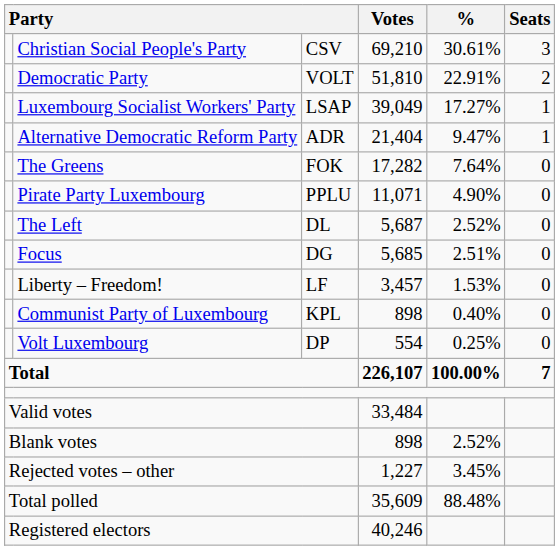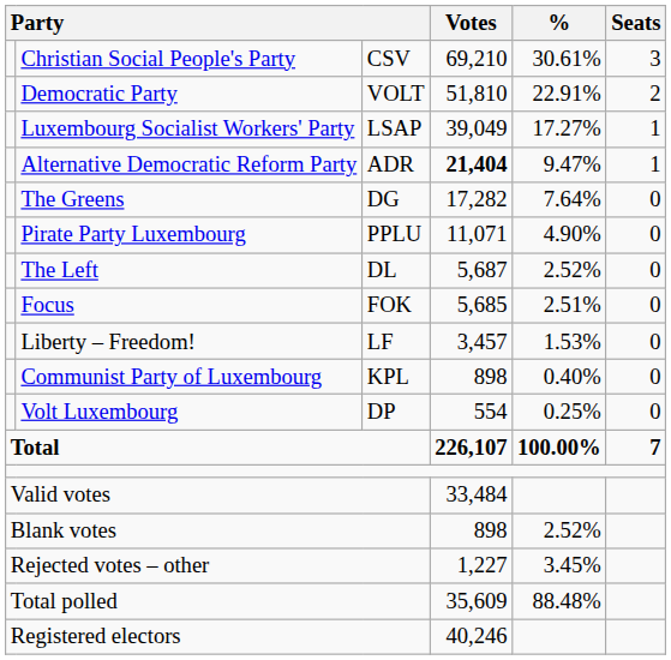 <table class="wikitable" border="1" style="text-align:right;">
 <tr>
 <th style="text-align:left;" valign=bottom colspan=3>Party</th>
 <th align=center valign=bottom width="50">Votes</th>
 <th align=center valign=bottom width="50">%</th>
 <th align=center>Seats</th>
 </tr>
 <tr>
 <td></td>
 <td align=left><a href='#'>Christian Social People's Party</a></td>
 <td align=left>CSV</td>
 <td>69,210</td>
 <td>30.61%</td>
 <td>3</td>
 </tr>
 <tr>
 <td></td>
 <td align=left><a href='#'>Democratic Party</a></td>
 <td align=left>VOLT</td>
 <td>51,810</td>
 <td>22.91%</td>
 <td>2</td>
 </tr>
 <tr>
 <td></td>
 <td align=left><a href='#'>Luxembourg Socialist Workers' Party</a></td>
 <td align=left>LSAP</td>
 <td>39,049</td>
 <td>17.27%</td>
 <td>1</td>
 </tr>
 <tr>
 <td></td>
 <td align=left><a href='#'>Alternative Democratic Reform Party</a></td>
 <td align=left>ADR</td>
-<td>21,404</td>
+<td><strong>21,404</strong></td>
 <td>9.47%</td>
 <td>1</td>
 </tr>
 <tr>
 <td></td>
 <td align=left><a href='#'>The Greens</a></td>
-<td align=left>FOK</td>
+<td align=left>DG</td>
 <td>17,282</td>
 <td>7.64%</td>
 <td>0</td>
 </tr>
 <tr>
 <td></td>
 <td align=left><a href='#'>Pirate Party Luxembourg</a></td>
 <td align=left>PPLU</td>
 <td>11,071</td>
 <td>4.90%</td>
 <td>0</td>
 </tr>
 <tr>
 <td></td>
 <td align=left><a href='#'>The Left</a></td>
 <td align=left>DL</td>
 <td>5,687</td>
 <td>2.52%</td>
 <td>0</td>
 </tr>
 <tr>
 <td></td>
 <td align=left><a href='#'>Focus</a></td>
-<td align=left>DG</td>
+<td align=left>FOK</td>
 <td>5,685</td>
 <td>2.51%</td>
 <td>0</td>
 </tr>
 <tr>
 <td></td>
 <td align=left>Liberty – Freedom!</td>
 <td align=left>LF</td>
 <td>3,457</td>
 <td>1.53%</td>
 <td>0</td>
 </tr>
 <tr>
 <td></td>
 <td align=left><a href='#'>Communist Party of Luxembourg</a></td>
 <td align=left>KPL</td>
 <td>898</td>
 <td>0.40%</td>
 <td>0</td>
 </tr>
 <tr>
 <td></td>
 <td align=left><a href='#'>Volt Luxembourg</a></td>
 <td align=left>DP</td>
 <td>554</td>
 <td>0.25%</td>
 <td>0</td>
 </tr>
 <tr style="font-weight:bold">
 <td align=left colspan=3>Total</td>
 <td>226,107</td>
 <td>100.00%</td>
 <td>7</td>
 </tr>
 <tr>
 <td colspan=6 height="2"></td>
 </tr>
 <tr>
 <td align=left colspan=3>Valid votes</td>
 <td>33,484</td>
 <td></td>
 <td></td>
 </tr>
 <tr>
 <td align=left colspan=3>Blank votes</td>
 <td>898</td>
 <td>2.52%</td>
 <td></td>
 </tr>
 <tr>
 <td align=left colspan=3>Rejected votes – other</td>
 <td>1,227</td>
 <td>3.45%</td>
 <td></td>
 </tr>
 <tr>
 <td align=left colspan=3>Total polled</td>
 <td>35,609</td>
 <td>88.48%</td>
 <td></td>
 </tr>
 <tr>
 <td align=left colspan=3>Registered electors</td>
 <td>40,246</td>
 <td></td>
 <td></td>
 </tr>
 </table>
